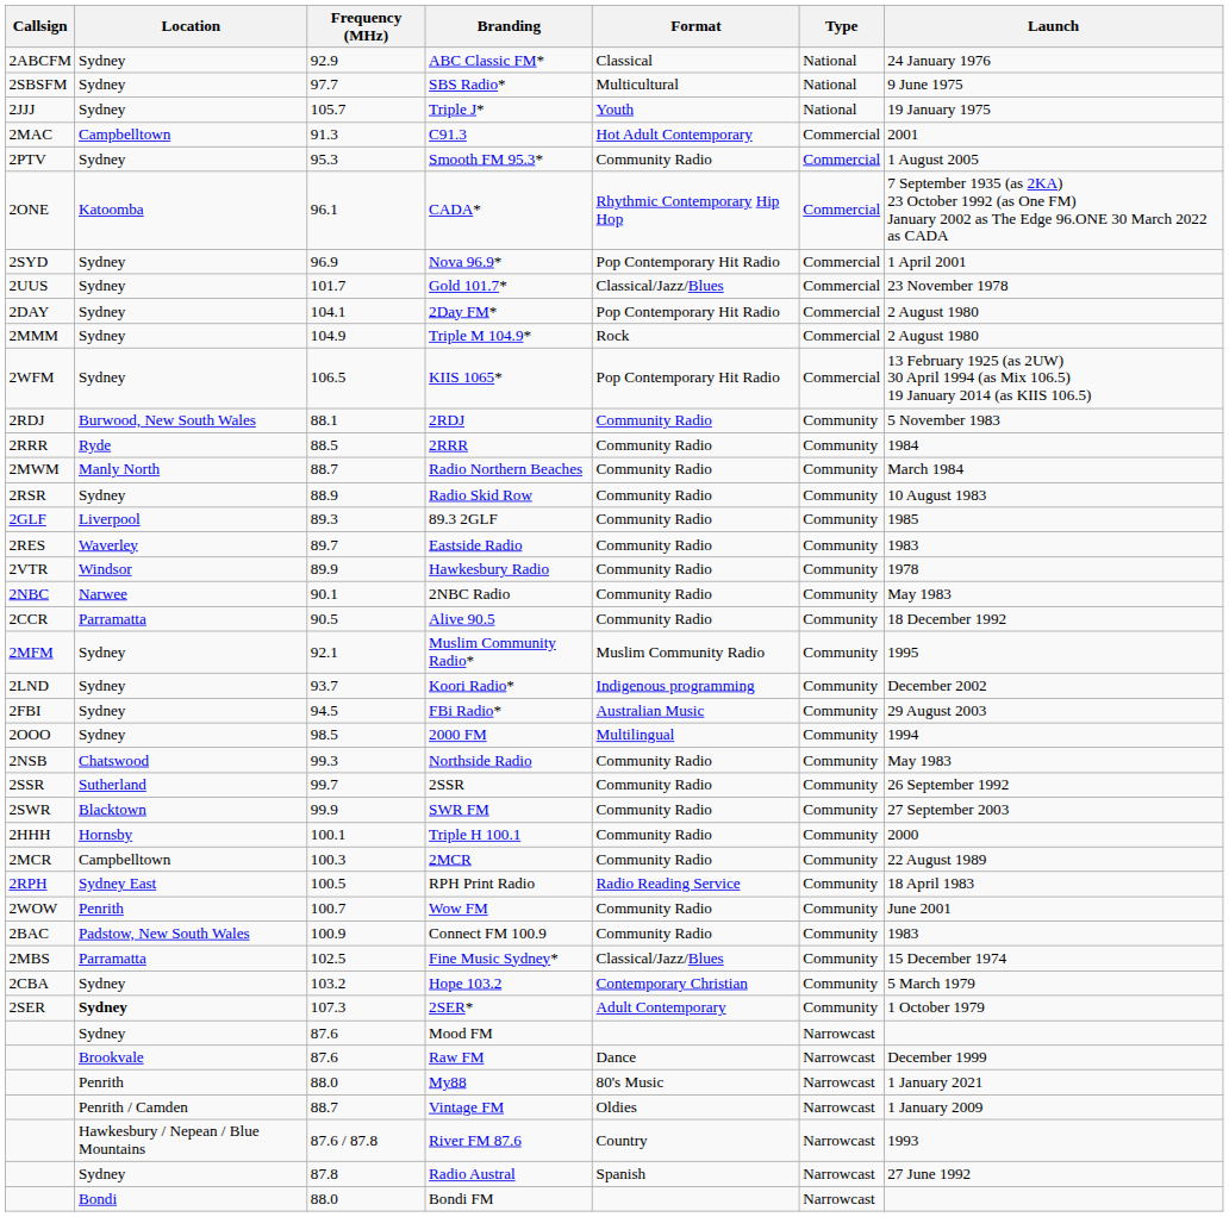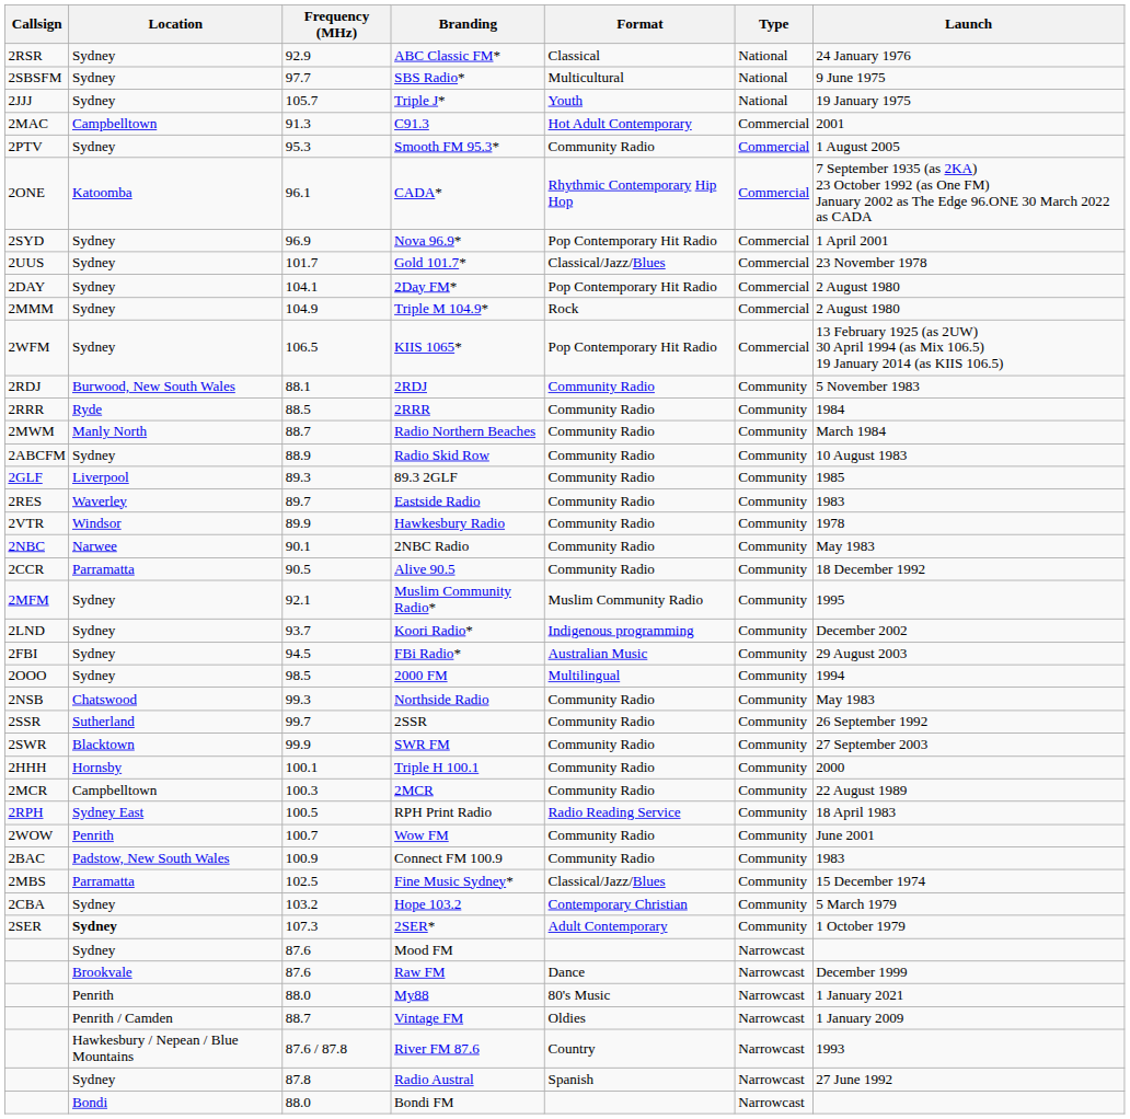 <table class="wikitable sortable">
 <tr>
 <th>Callsign</th>
 <th>Location</th>
 <th>Frequency (MHz)</th>
 <th>Branding</th>
 <th>Format</th>
 <th>Type</th>
 <th>Launch</th>
 </tr>
 <tr>
-<td>2ABCFM</td>
+<td>2RSR</td>
 <td>Sydney</td>
 <td>92.9</td>
 <td><a href='#'>ABC Classic FM</a>*</td>
 <td>Classical</td>
 <td>National</td>
 <td>24 January 1976</td>
 </tr>
 <tr>
 <td>2SBSFM</td>
 <td>Sydney</td>
 <td>97.7</td>
 <td><a href='#'>SBS Radio</a>*</td>
 <td>Multicultural</td>
 <td>National</td>
 <td>9 June 1975</td>
 </tr>
 <tr>
 <td>2JJJ</td>
 <td>Sydney</td>
 <td>105.7</td>
 <td><a href='#'>Triple J</a>*</td>
 <td><a href='#'>Youth</a></td>
 <td>National</td>
 <td>19 January 1975</td>
 </tr>
 <tr>
 <td>2MAC</td>
 <td><a href='#'>Campbelltown</a></td>
 <td>91.3</td>
 <td><a href='#'>C91.3</a></td>
 <td><a href='#'>Hot Adult Contemporary</a></td>
 <td>Commercial</td>
 <td>2001</td>
 </tr>
 <tr>
 <td>2PTV</td>
 <td>Sydney</td>
 <td>95.3</td>
 <td><a href='#'>Smooth FM 95.3</a>*</td>
 <td>Community Radio</td>
 <td><a href='#'>Commercial</a></td>
 <td>1 August 2005</td>
 </tr>
 <tr>
 <td>2ONE</td>
 <td><a href='#'>Katoomba</a></td>
 <td>96.1</td>
 <td><a href='#'>CADA</a>*</td>
 <td><a href='#'>Rhythmic Contemporary</a> <a href='#'>Hip Hop</a></td>
 <td><a href='#'>Commercial</a></td>
 <td>7 September 1935 (as <a href='#'>2KA</a>) <br>23 October 1992 (as One FM)<br>January 2002 as The Edge 96.ONE 30 March 2022 as CADA</td>
 </tr>
 <tr>
 <td>2SYD</td>
 <td>Sydney</td>
 <td>96.9</td>
 <td><a href='#'>Nova 96.9</a>*</td>
 <td>Pop Contemporary Hit Radio</td>
 <td>Commercial</td>
 <td>1 April 2001</td>
 </tr>
 <tr>
 <td>2UUS</td>
 <td>Sydney</td>
 <td>101.7</td>
 <td><a href='#'>Gold 101.7</a>*</td>
 <td>Classical/Jazz/<a href='#'>Blues</a></td>
 <td>Commercial</td>
 <td>23 November 1978</td>
 </tr>
 <tr>
 <td>2DAY</td>
 <td>Sydney</td>
 <td>104.1</td>
 <td><a href='#'>2Day FM</a>*</td>
 <td>Pop Contemporary Hit Radio</td>
 <td>Commercial</td>
 <td>2 August 1980</td>
 </tr>
 <tr>
 <td>2MMM</td>
 <td>Sydney</td>
 <td>104.9</td>
 <td><a href='#'>Triple M 104.9</a>*</td>
 <td>Rock</td>
 <td>Commercial</td>
 <td>2 August 1980</td>
 </tr>
 <tr>
 <td>2WFM</td>
 <td>Sydney</td>
 <td>106.5</td>
 <td><a href='#'>KIIS 1065</a>*</td>
 <td>Pop Contemporary Hit Radio</td>
 <td>Commercial</td>
 <td>13 February 1925 (as 2UW)<br>30 April 1994 (as Mix 106.5)<br>19 January 2014 (as KIIS 106.5)</td>
 </tr>
 <tr>
 <td>2RDJ</td>
 <td><a href='#'>Burwood, New South Wales</a></td>
 <td>88.1</td>
 <td><a href='#'>2RDJ</a></td>
 <td><a href='#'>Community Radio</a></td>
 <td>Community</td>
 <td>5 November 1983</td>
 </tr>
 <tr>
 <td>2RRR</td>
 <td><a href='#'>Ryde</a></td>
 <td>88.5</td>
 <td><a href='#'>2RRR</a></td>
 <td>Community Radio</td>
 <td>Community</td>
 <td>1984</td>
 </tr>
 <tr>
 <td>2MWM</td>
 <td><a href='#'>Manly North</a></td>
 <td>88.7</td>
 <td><a href='#'>Radio Northern Beaches</a></td>
 <td>Community Radio</td>
 <td>Community</td>
 <td>March 1984</td>
 </tr>
 <tr>
-<td>2RSR</td>
+<td>2ABCFM</td>
 <td>Sydney</td>
 <td>88.9</td>
 <td><a href='#'>Radio Skid Row</a></td>
 <td>Community Radio</td>
 <td>Community</td>
 <td>10 August 1983</td>
 </tr>
 <tr>
 <td><a href='#'>2GLF</a></td>
 <td><a href='#'>Liverpool</a></td>
 <td>89.3</td>
 <td>89.3 2GLF</td>
 <td>Community Radio</td>
 <td>Community</td>
 <td>1985</td>
 </tr>
 <tr>
 <td>2RES</td>
 <td><a href='#'>Waverley</a></td>
 <td>89.7</td>
 <td><a href='#'>Eastside Radio</a></td>
 <td>Community Radio</td>
 <td>Community</td>
 <td>1983</td>
 </tr>
 <tr>
 <td>2VTR</td>
 <td><a href='#'>Windsor</a></td>
 <td>89.9</td>
 <td><a href='#'>Hawkesbury Radio</a></td>
 <td>Community Radio</td>
 <td>Community</td>
 <td>1978</td>
 </tr>
 <tr>
 <td><a href='#'>2NBC</a></td>
 <td><a href='#'>Narwee</a></td>
 <td>90.1</td>
 <td>2NBC Radio</td>
 <td>Community Radio</td>
 <td>Community</td>
 <td>May 1983</td>
 </tr>
 <tr>
 <td>2CCR</td>
 <td><a href='#'>Parramatta</a></td>
 <td>90.5</td>
 <td><a href='#'>Alive 90.5</a></td>
 <td>Community Radio</td>
 <td>Community</td>
 <td>18 December 1992</td>
 </tr>
 <tr>
 <td><a href='#'>2MFM</a></td>
 <td>Sydney</td>
 <td>92.1</td>
 <td><a href='#'>Muslim Community Radio</a>*</td>
 <td>Muslim Community Radio</td>
 <td>Community</td>
 <td>1995</td>
 </tr>
 <tr>
 <td>2LND</td>
 <td>Sydney</td>
 <td>93.7</td>
 <td><a href='#'>Koori Radio</a>*</td>
 <td><a href='#'>Indigenous programming</a></td>
 <td>Community</td>
 <td>December 2002</td>
 </tr>
 <tr>
 <td>2FBI</td>
 <td>Sydney</td>
 <td>94.5</td>
 <td><a href='#'>FBi Radio</a>*</td>
 <td><a href='#'>Australian Music</a></td>
 <td>Community</td>
 <td>29 August 2003</td>
 </tr>
 <tr>
 <td>2OOO</td>
 <td>Sydney</td>
 <td>98.5</td>
 <td><a href='#'>2000 FM</a></td>
 <td><a href='#'>Multilingual</a></td>
 <td>Community</td>
 <td>1994</td>
 </tr>
 <tr>
 <td>2NSB</td>
 <td><a href='#'>Chatswood</a></td>
 <td>99.3</td>
 <td><a href='#'>Northside Radio</a></td>
 <td>Community Radio</td>
 <td>Community</td>
 <td>May 1983</td>
 </tr>
 <tr>
 <td>2SSR</td>
 <td><a href='#'>Sutherland</a></td>
 <td>99.7</td>
 <td>2SSR</td>
 <td>Community Radio</td>
 <td>Community</td>
 <td>26 September 1992</td>
 </tr>
 <tr>
 <td>2SWR</td>
 <td><a href='#'>Blacktown</a></td>
 <td>99.9</td>
 <td><a href='#'>SWR FM</a></td>
 <td>Community Radio</td>
 <td>Community</td>
 <td>27 September 2003</td>
 </tr>
 <tr>
 <td>2HHH</td>
 <td><a href='#'>Hornsby</a></td>
 <td>100.1</td>
 <td><a href='#'>Triple H 100.1</a></td>
 <td>Community Radio</td>
 <td>Community</td>
 <td>2000</td>
 </tr>
 <tr>
 <td>2MCR</td>
 <td>Campbelltown</td>
 <td>100.3</td>
 <td><a href='#'>2MCR</a></td>
 <td>Community Radio</td>
 <td>Community</td>
 <td>22 August 1989</td>
 </tr>
 <tr>
 <td><a href='#'>2RPH</a></td>
 <td><a href='#'>Sydney East</a></td>
 <td>100.5</td>
 <td>RPH Print Radio</td>
 <td><a href='#'>Radio Reading Service</a></td>
 <td>Community</td>
 <td>18 April 1983</td>
 </tr>
 <tr>
 <td>2WOW</td>
 <td><a href='#'>Penrith</a></td>
 <td>100.7</td>
 <td><a href='#'>Wow FM</a></td>
 <td>Community Radio</td>
 <td>Community</td>
 <td>June 2001</td>
 </tr>
 <tr>
 <td>2BAC</td>
 <td><a href='#'>Padstow, New South Wales</a></td>
 <td>100.9</td>
 <td>Connect FM 100.9</td>
 <td>Community Radio</td>
 <td>Community</td>
 <td>1983</td>
 </tr>
 <tr>
 <td>2MBS</td>
 <td><a href='#'>Parramatta</a></td>
 <td>102.5</td>
 <td><a href='#'>Fine Music Sydney</a>*</td>
 <td>Classical/Jazz/<a href='#'>Blues</a></td>
 <td>Community</td>
 <td>15 December 1974</td>
 </tr>
 <tr>
 <td>2CBA</td>
 <td>Sydney</td>
 <td>103.2</td>
 <td><a href='#'>Hope 103.2</a></td>
 <td><a href='#'>Contemporary Christian</a></td>
 <td>Community</td>
 <td>5 March 1979</td>
 </tr>
 <tr>
 <td>2SER</td>
 <td><strong>Sydney</strong></td>
 <td>107.3</td>
 <td><a href='#'>2SER</a>*</td>
 <td><a href='#'>Adult Contemporary</a></td>
 <td>Community</td>
 <td>1 October 1979</td>
 </tr>
 <tr>
 <td></td>
 <td>Sydney</td>
 <td>87.6</td>
 <td>Mood FM</td>
 <td></td>
 <td>Narrowcast</td>
 <td></td>
 </tr>
 <tr>
 <td></td>
 <td><a href='#'>Brookvale</a></td>
 <td>87.6</td>
 <td><a href='#'>Raw FM</a></td>
 <td>Dance</td>
 <td>Narrowcast</td>
 <td>December 1999</td>
 </tr>
 <tr>
 <td></td>
 <td>Penrith</td>
 <td>88.0</td>
 <td><a href='#'>My88</a></td>
 <td>80's Music</td>
 <td>Narrowcast</td>
 <td>1 January 2021</td>
 </tr>
 <tr>
 <td></td>
 <td>Penrith / Camden</td>
 <td>88.7</td>
 <td><a href='#'>Vintage FM</a></td>
 <td>Oldies</td>
 <td>Narrowcast</td>
 <td>1 January 2009</td>
 </tr>
 <tr>
 <td></td>
 <td>Hawkesbury / Nepean / Blue Mountains</td>
 <td>87.6 / 87.8</td>
 <td><a href='#'>River FM 87.6</a></td>
 <td>Country</td>
 <td>Narrowcast</td>
 <td>1993</td>
 </tr>
 <tr>
 <td></td>
 <td>Sydney</td>
 <td>87.8</td>
 <td><a href='#'>Radio Austral</a></td>
 <td>Spanish</td>
 <td>Narrowcast</td>
 <td>27 June 1992</td>
 </tr>
 <tr>
 <td></td>
 <td><a href='#'>Bondi</a></td>
 <td>88.0</td>
 <td>Bondi FM</td>
 <td></td>
 <td>Narrowcast</td>
 <td></td>
 </tr>
 </table>
